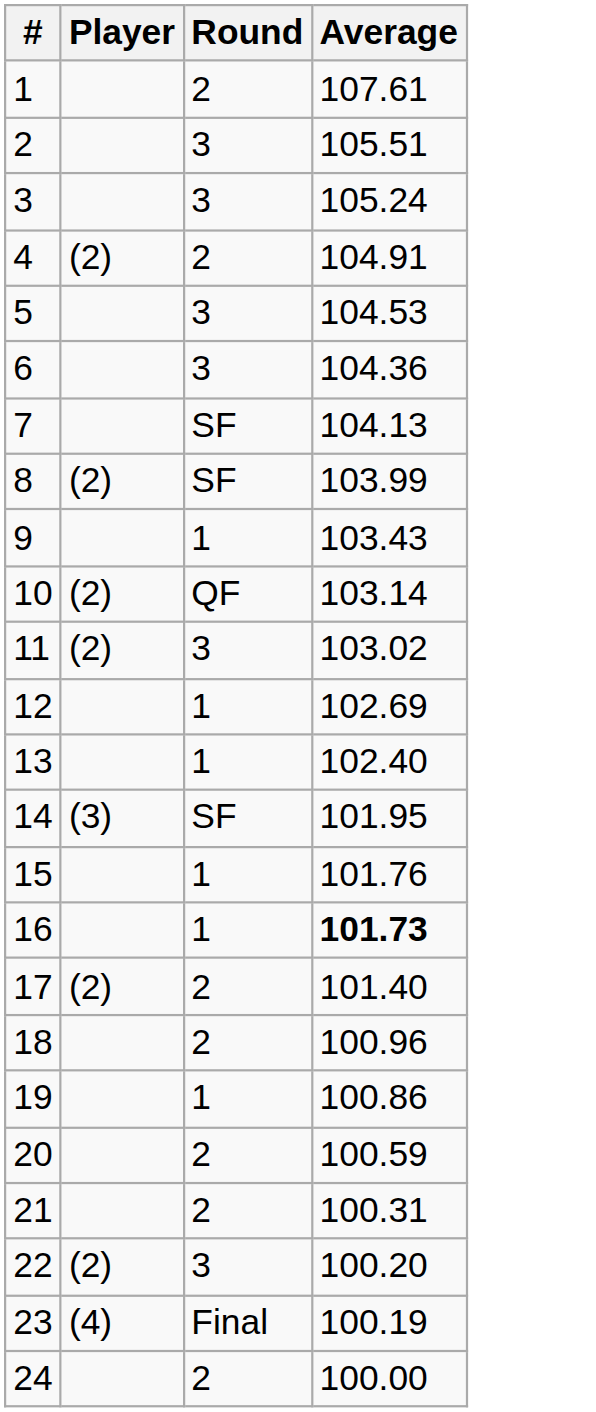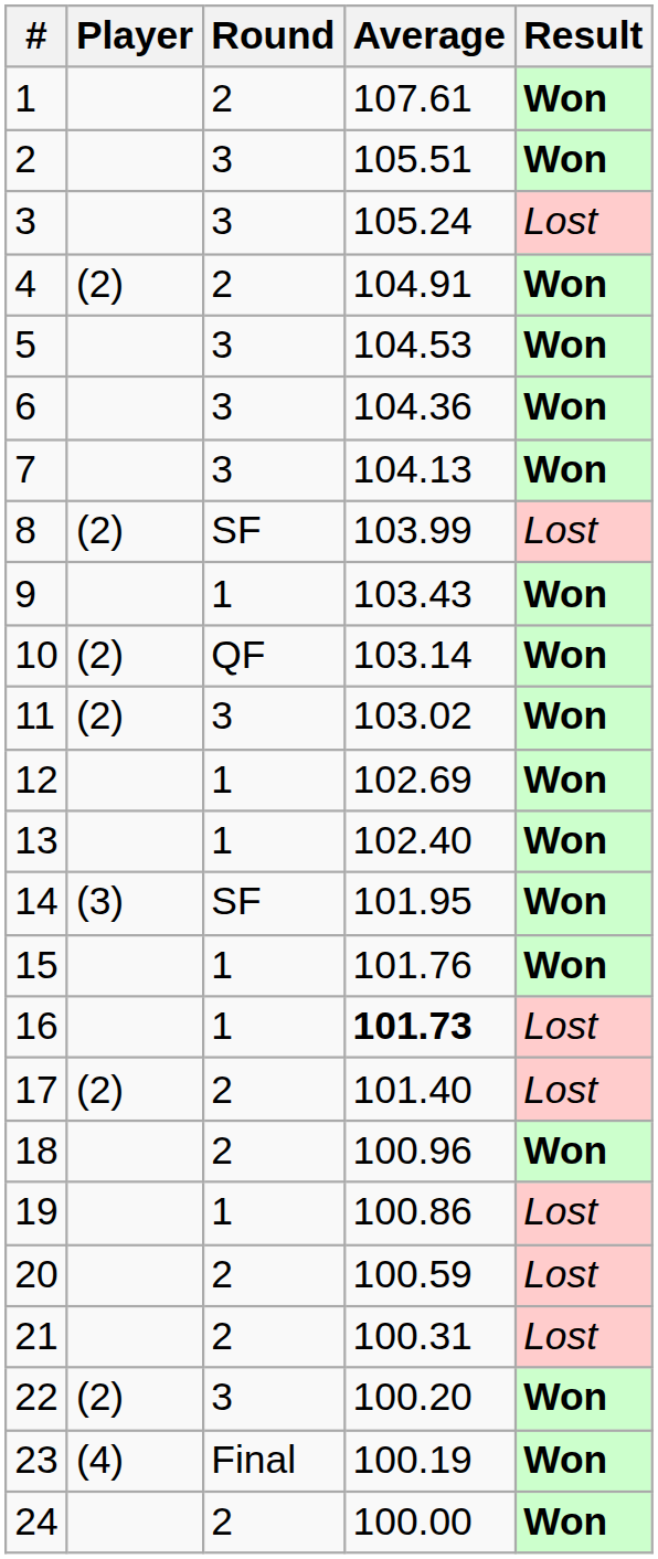 <table class ="wikitable sortable">
 <tr>
 <th>#</th>
 <th>Player</th>
 <th>Round</th>
 <th>Average</th>
+<th>Result</th>
 </tr>
 <tr>
 <td>1</td>
 <td></td>
 <td>2</td>
 <td>107.61</td>
+<td style="background:#CCFFCC;"><strong>Won</strong></td>
 </tr>
 <tr>
 <td>2</td>
 <td></td>
 <td>3</td>
 <td>105.51</td>
+<td style="background:#CCFFCC;"><strong>Won</strong></td>
 </tr>
 <tr>
 <td>3</td>
 <td></td>
 <td>3</td>
 <td>105.24</td>
+<td style="background:#FFccCC;"><em>Lost</em></td>
 </tr>
 <tr>
 <td>4</td>
 <td> (2)</td>
 <td>2</td>
 <td>104.91</td>
+<td style="background:#CCFFCC;"><strong>Won</strong></td>
 </tr>
 <tr>
 <td>5</td>
 <td></td>
 <td>3</td>
 <td>104.53</td>
+<td style="background:#CCFFCC;"><strong>Won</strong></td>
 </tr>
 <tr>
 <td>6</td>
 <td></td>
 <td>3</td>
 <td>104.36</td>
+<td style="background:#CCFFCC;"><strong>Won</strong></td>
 </tr>
 <tr>
 <td>7</td>
 <td></td>
-<td>SF</td>
+<td>3</td>
 <td>104.13</td>
+<td style="background:#CCFFCC;"><strong>Won</strong></td>
 </tr>
 <tr>
 <td>8</td>
 <td> (2)</td>
 <td>SF</td>
 <td>103.99</td>
+<td style="background:#FFccCC;"><em>Lost</em></td>
 </tr>
 <tr>
 <td>9</td>
 <td></td>
 <td>1</td>
 <td>103.43</td>
+<td style="background:#CCFFCC;"><strong>Won</strong></td>
 </tr>
 <tr>
 <td>10</td>
 <td> (2)</td>
 <td>QF</td>
 <td>103.14</td>
+<td style="background:#CCFFCC;"><strong>Won</strong></td>
 </tr>
 <tr>
 <td>11</td>
 <td> (2)</td>
 <td>3</td>
 <td>103.02</td>
+<td style="background:#CCFFCC;"><strong>Won</strong></td>
 </tr>
 <tr>
 <td>12</td>
 <td></td>
 <td>1</td>
 <td>102.69</td>
+<td style="background:#CCFFCC;"><strong>Won</strong></td>
 </tr>
 <tr>
 <td>13</td>
 <td></td>
 <td>1</td>
 <td>102.40</td>
+<td style="background:#CCFFCC;"><strong>Won</strong></td>
 </tr>
 <tr>
 <td>14</td>
 <td> (3)</td>
 <td>SF</td>
 <td>101.95</td>
+<td style="background:#CCFFCC;"><strong>Won</strong></td>
 </tr>
 <tr>
 <td>15</td>
 <td></td>
 <td>1</td>
 <td>101.76</td>
+<td style="background:#CCFFCC;"><strong>Won</strong></td>
 </tr>
 <tr>
 <td>16</td>
 <td></td>
 <td>1</td>
 <td><strong>101.73</strong></td>
+<td style="background:#FFccCC;"><em>Lost</em></td>
 </tr>
 <tr>
 <td>17</td>
 <td> (2)</td>
 <td>2</td>
 <td>101.40</td>
+<td style="background:#FFccCC;"><em>Lost</em></td>
 </tr>
 <tr>
 <td>18</td>
 <td></td>
 <td>2</td>
 <td>100.96</td>
+<td style="background:#CCFFCC;"><strong>Won</strong></td>
 </tr>
 <tr>
 <td>19</td>
 <td></td>
 <td>1</td>
 <td>100.86</td>
+<td style="background:#FFccCC;"><em>Lost</em></td>
 </tr>
 <tr>
 <td>20</td>
 <td></td>
 <td>2</td>
 <td>100.59</td>
+<td style="background:#FFccCC;"><em>Lost</em></td>
 </tr>
 <tr>
 <td>21</td>
 <td></td>
 <td>2</td>
 <td>100.31</td>
+<td style="background:#FFccCC;"><em>Lost</em></td>
 </tr>
 <tr>
 <td>22</td>
 <td> (2)</td>
 <td>3</td>
 <td>100.20</td>
+<td style="background:#CCFFCC;"><strong>Won</strong></td>
 </tr>
 <tr>
 <td>23</td>
 <td> (4)</td>
 <td>Final</td>
 <td>100.19</td>
+<td style="background:#CCFFCC;"><strong>Won</strong></td>
 </tr>
 <tr>
 <td>24</td>
 <td></td>
 <td>2</td>
 <td>100.00</td>
+<td style="background:#CCFFCC;"><strong>Won</strong></td>
 </tr>
 </table>
